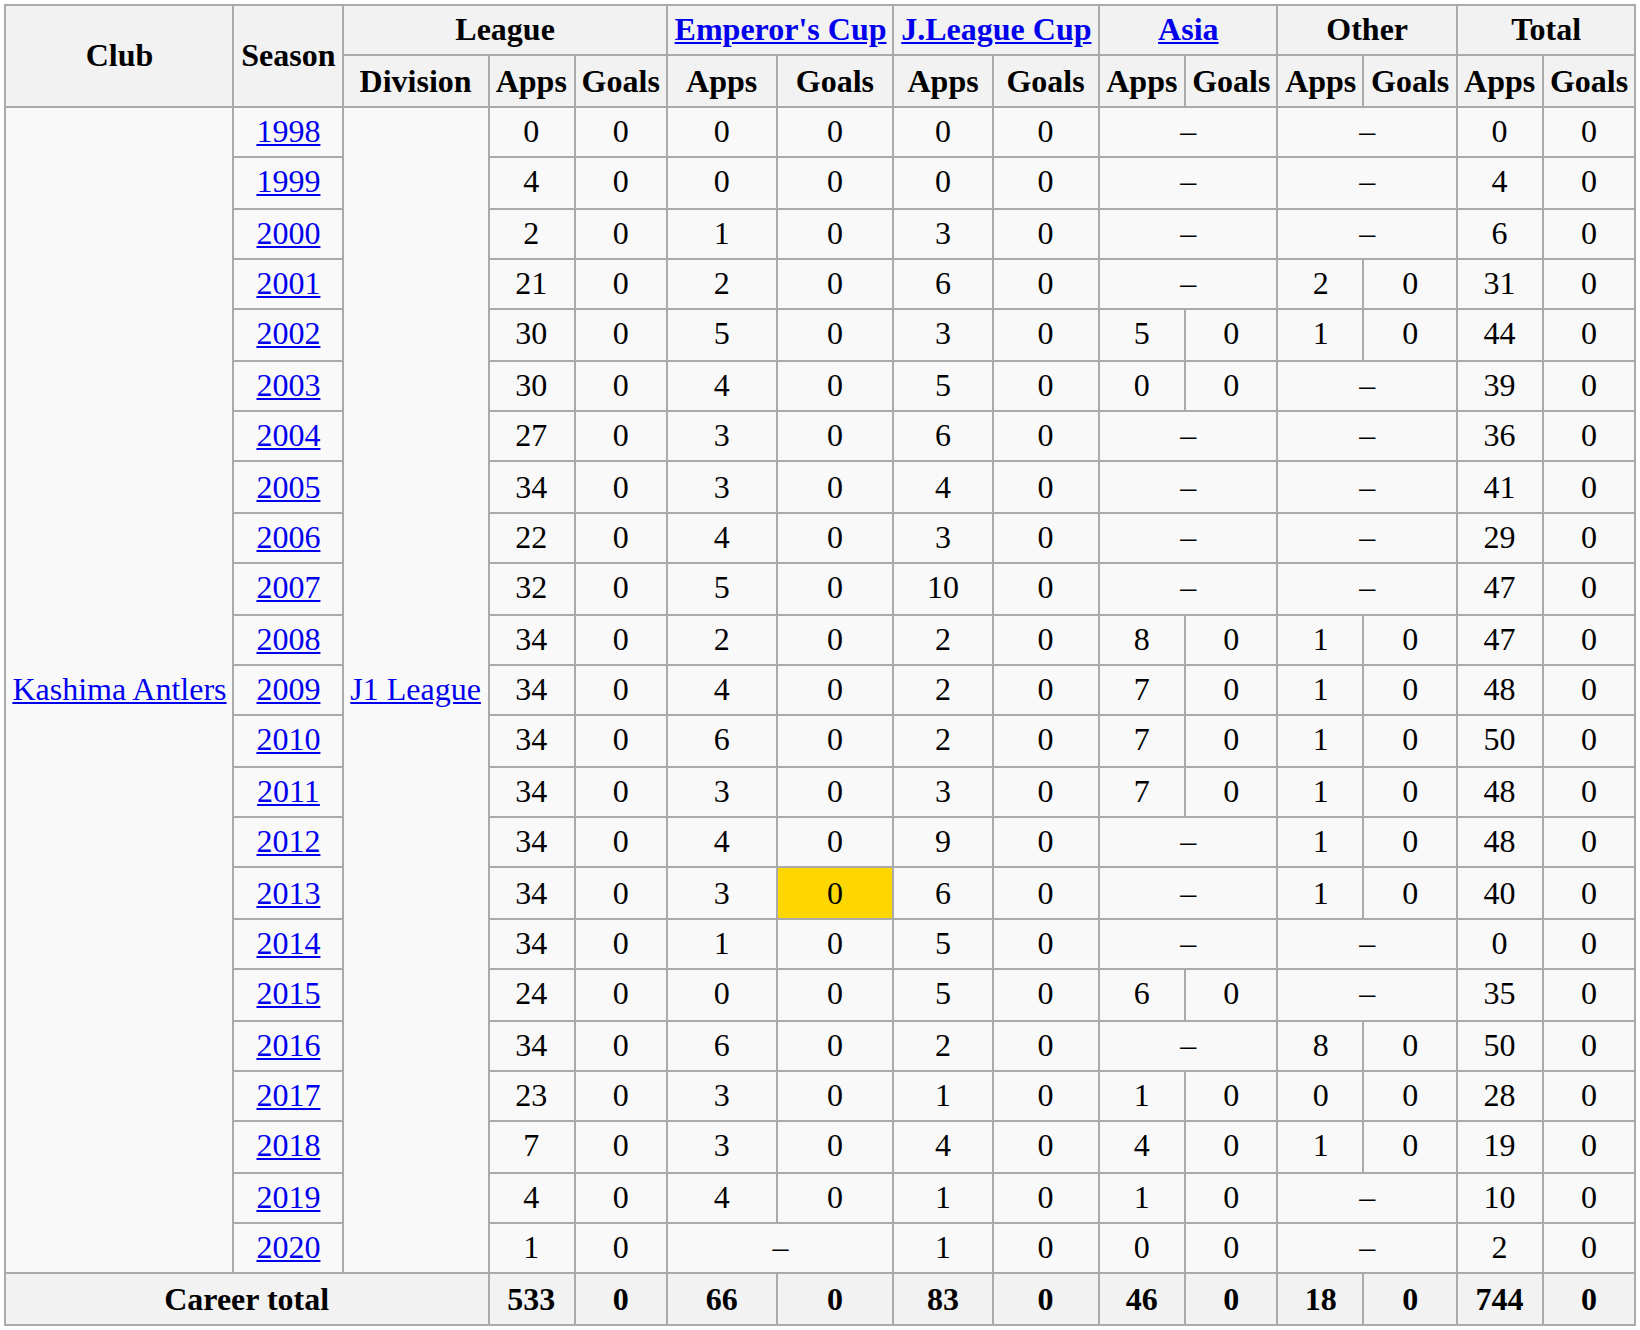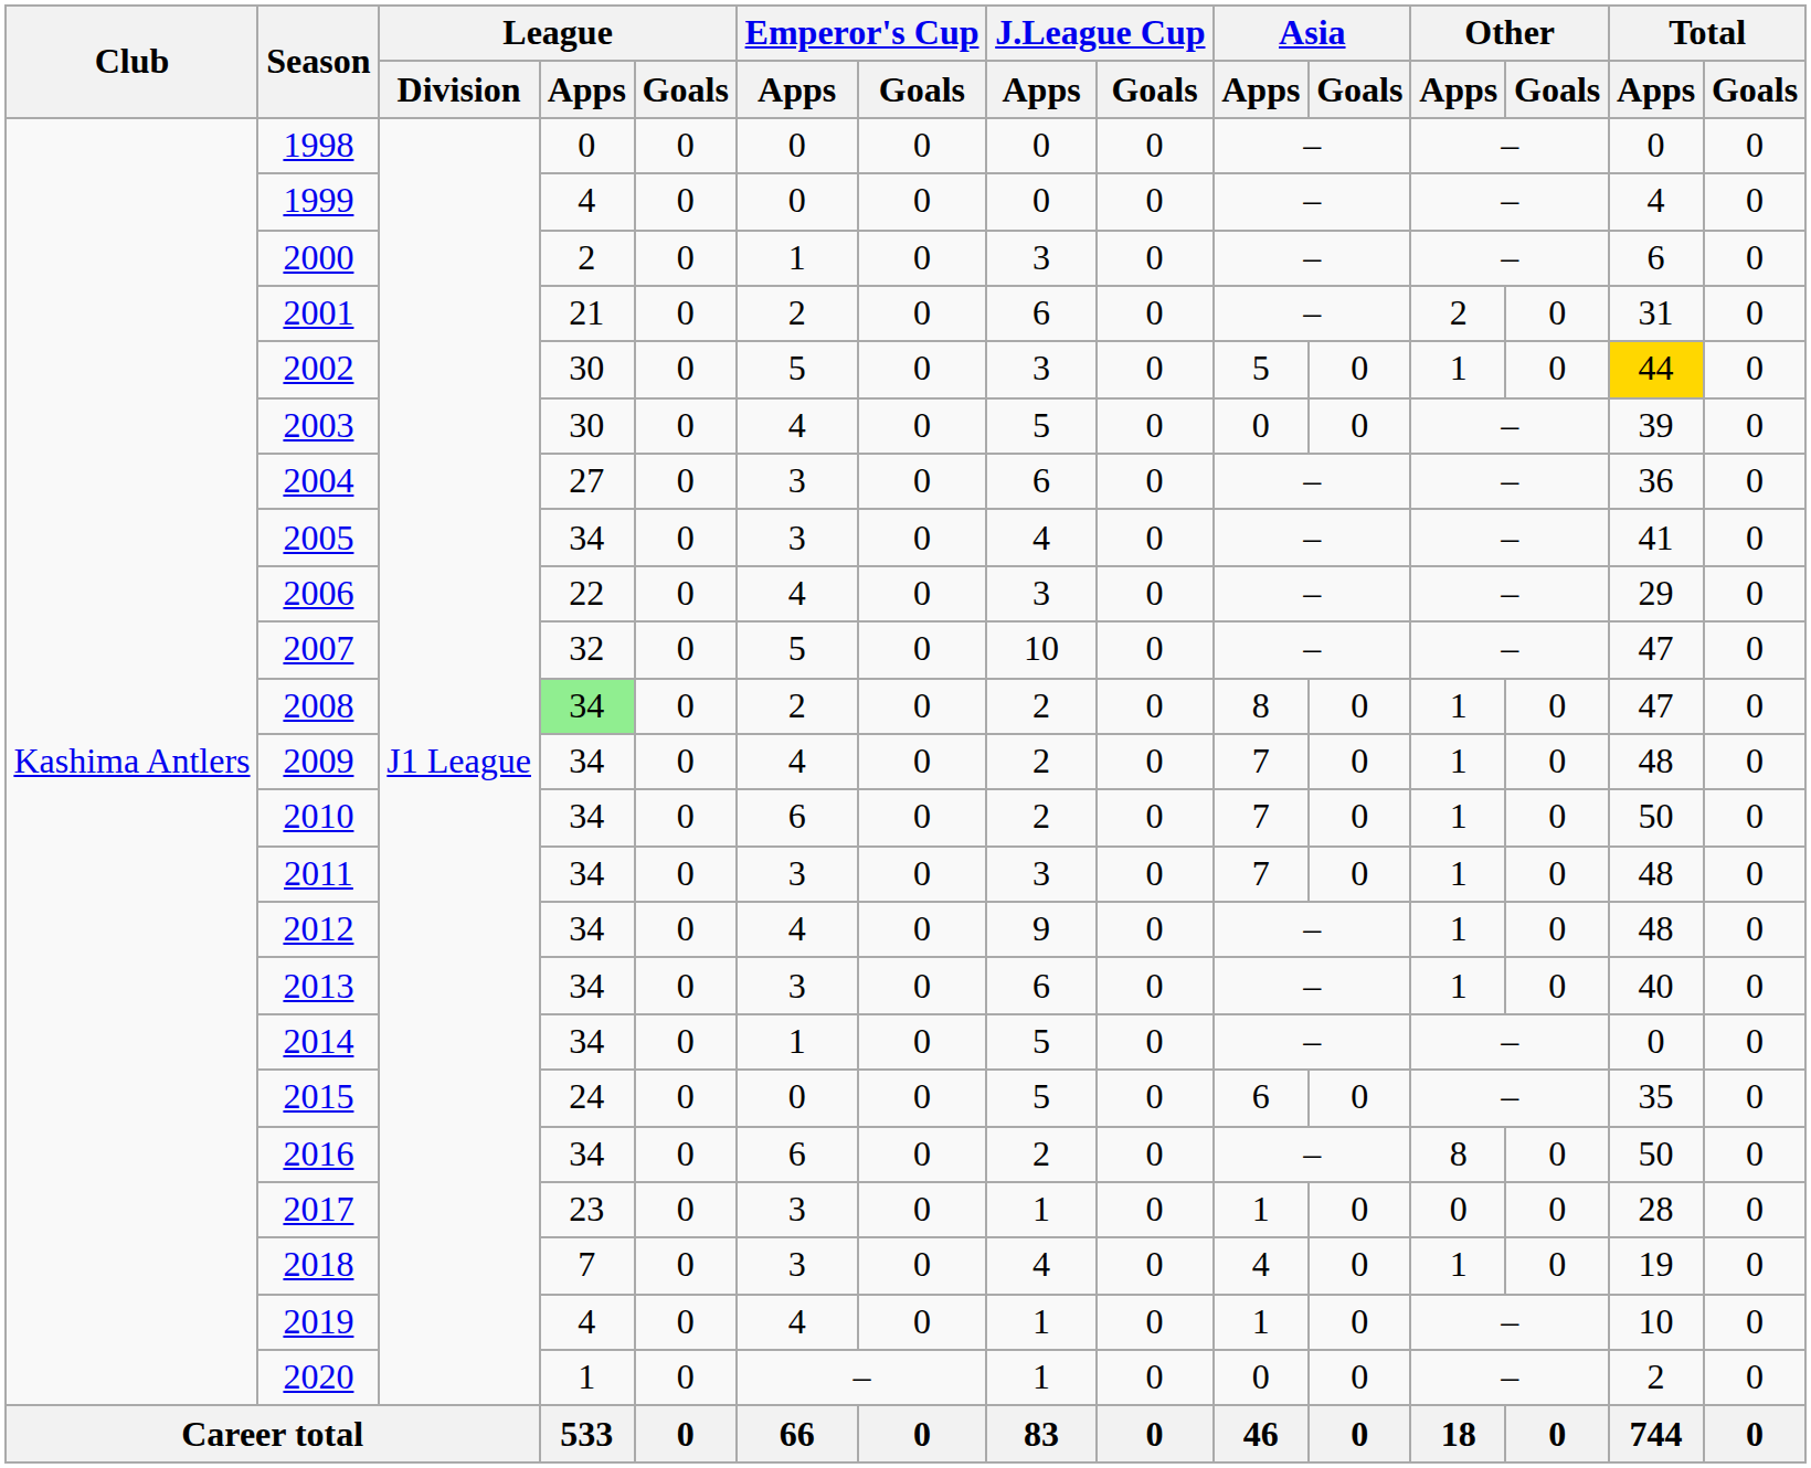 <table class="wikitable" style="text-align:center">
 <tr>
 <th rowspan="2">Club</th>
 <th rowspan="2">Season</th>
 <th colspan="3">League</th>
 <th colspan="2"><a href='#'>Emperor's Cup</a></th>
 <th colspan="2"><a href='#'>J.League Cup</a></th>
 <th colspan="2"><a href='#'>Asia</a></th>
 <th colspan="2">Other</th>
 <th colspan="2">Total</th>
 </tr>
 <tr>
 <th>Division</th>
 <th>Apps</th>
 <th>Goals</th>
 <th>Apps</th>
 <th>Goals</th>
 <th>Apps</th>
 <th>Goals</th>
 <th>Apps</th>
 <th>Goals</th>
 <th>Apps</th>
 <th>Goals</th>
 <th>Apps</th>
 <th>Goals</th>
 </tr>
 <tr>
 <td rowspan="23"><a href='#'>Kashima Antlers</a></td>
 <td><a href='#'>1998</a></td>
 <td rowspan="23"><a href='#'>J1 League</a></td>
 <td>0</td>
 <td>0</td>
 <td>0</td>
 <td>0</td>
 <td>0</td>
 <td>0</td>
 <td colspan="2">–</td>
 <td colspan="2">–</td>
 <td>0</td>
 <td>0</td>
 </tr>
 <tr>
 <td><a href='#'>1999</a></td>
 <td>4</td>
 <td>0</td>
 <td>0</td>
 <td>0</td>
 <td>0</td>
 <td>0</td>
 <td colspan="2">–</td>
 <td colspan="2">–</td>
 <td>4</td>
 <td>0</td>
 </tr>
 <tr>
 <td><a href='#'>2000</a></td>
 <td>2</td>
 <td>0</td>
 <td>1</td>
 <td>0</td>
 <td>3</td>
 <td>0</td>
 <td colspan="2">–</td>
 <td colspan="2">–</td>
 <td>6</td>
 <td>0</td>
 </tr>
 <tr>
 <td><a href='#'>2001</a></td>
 <td>21</td>
 <td>0</td>
 <td>2</td>
 <td>0</td>
 <td>6</td>
 <td>0</td>
 <td colspan="2">–</td>
 <td>2</td>
 <td>0</td>
 <td>31</td>
 <td>0</td>
 </tr>
 <tr>
 <td><a href='#'>2002</a></td>
 <td>30</td>
 <td>0</td>
 <td>5</td>
 <td>0</td>
 <td>3</td>
 <td>0</td>
 <td>5</td>
 <td>0</td>
 <td>1</td>
 <td>0</td>
-<td>44</td>
+<td style="background: gold;">44</td>
 <td>0</td>
 </tr>
 <tr>
 <td><a href='#'>2003</a></td>
 <td>30</td>
 <td>0</td>
 <td>4</td>
 <td>0</td>
 <td>5</td>
 <td>0</td>
 <td>0</td>
 <td>0</td>
 <td colspan="2">–</td>
 <td>39</td>
 <td>0</td>
 </tr>
 <tr>
 <td><a href='#'>2004</a></td>
 <td>27</td>
 <td>0</td>
 <td>3</td>
 <td>0</td>
 <td>6</td>
 <td>0</td>
 <td colspan="2">–</td>
 <td colspan="2">–</td>
 <td>36</td>
 <td>0</td>
 </tr>
 <tr>
 <td><a href='#'>2005</a></td>
 <td>34</td>
 <td>0</td>
 <td>3</td>
 <td>0</td>
 <td>4</td>
 <td>0</td>
 <td colspan="2">–</td>
 <td colspan="2">–</td>
 <td>41</td>
 <td>0</td>
 </tr>
 <tr>
 <td><a href='#'>2006</a></td>
 <td>22</td>
 <td>0</td>
 <td>4</td>
 <td>0</td>
 <td>3</td>
 <td>0</td>
 <td colspan="2">–</td>
 <td colspan="2">–</td>
 <td>29</td>
 <td>0</td>
 </tr>
 <tr>
 <td><a href='#'>2007</a></td>
 <td>32</td>
 <td>0</td>
 <td>5</td>
 <td>0</td>
 <td>10</td>
 <td>0</td>
 <td colspan="2">–</td>
 <td colspan="2">–</td>
 <td>47</td>
 <td>0</td>
 </tr>
 <tr>
 <td><a href='#'>2008</a></td>
-<td>34</td>
+<td style="background: lightgreen;">34</td>
 <td>0</td>
 <td>2</td>
 <td>0</td>
 <td>2</td>
 <td>0</td>
 <td>8</td>
 <td>0</td>
 <td>1</td>
 <td>0</td>
 <td>47</td>
 <td>0</td>
 </tr>
 <tr>
 <td><a href='#'>2009</a></td>
 <td>34</td>
 <td>0</td>
 <td>4</td>
 <td>0</td>
 <td>2</td>
 <td>0</td>
 <td>7</td>
 <td>0</td>
 <td>1</td>
 <td>0</td>
 <td>48</td>
 <td>0</td>
 </tr>
 <tr>
 <td><a href='#'>2010</a></td>
 <td>34</td>
 <td>0</td>
 <td>6</td>
 <td>0</td>
 <td>2</td>
 <td>0</td>
 <td>7</td>
 <td>0</td>
 <td>1</td>
 <td>0</td>
 <td>50</td>
 <td>0</td>
 </tr>
 <tr>
 <td><a href='#'>2011</a></td>
 <td>34</td>
 <td>0</td>
 <td>3</td>
 <td>0</td>
 <td>3</td>
 <td>0</td>
 <td>7</td>
 <td>0</td>
 <td>1</td>
 <td>0</td>
 <td>48</td>
 <td>0</td>
 </tr>
 <tr>
 <td><a href='#'>2012</a></td>
 <td>34</td>
 <td>0</td>
 <td>4</td>
 <td>0</td>
 <td>9</td>
 <td>0</td>
 <td colspan="2">–</td>
 <td>1</td>
 <td>0</td>
 <td>48</td>
 <td>0</td>
 </tr>
 <tr>
 <td><a href='#'>2013</a></td>
 <td>34</td>
 <td>0</td>
 <td>3</td>
-<td style="background: gold;">0</td>
+<td>0</td>
 <td>6</td>
 <td>0</td>
 <td colspan="2">–</td>
 <td>1</td>
 <td>0</td>
 <td>40</td>
 <td>0</td>
 </tr>
 <tr>
 <td><a href='#'>2014</a></td>
 <td>34</td>
 <td>0</td>
 <td>1</td>
 <td>0</td>
 <td>5</td>
 <td>0</td>
 <td colspan="2">–</td>
 <td colspan="2">–</td>
 <td>0</td>
 <td>0</td>
 </tr>
 <tr>
 <td><a href='#'>2015</a></td>
 <td>24</td>
 <td>0</td>
 <td>0</td>
 <td>0</td>
 <td>5</td>
 <td>0</td>
 <td>6</td>
 <td>0</td>
 <td colspan="2">–</td>
 <td>35</td>
 <td>0</td>
 </tr>
 <tr>
 <td><a href='#'>2016</a></td>
 <td>34</td>
 <td>0</td>
 <td>6</td>
 <td>0</td>
 <td>2</td>
 <td>0</td>
 <td colspan="2">–</td>
 <td>8</td>
 <td>0</td>
 <td>50</td>
 <td>0</td>
 </tr>
 <tr>
 <td><a href='#'>2017</a></td>
 <td>23</td>
 <td>0</td>
 <td>3</td>
 <td>0</td>
 <td>1</td>
 <td>0</td>
 <td>1</td>
 <td>0</td>
 <td>0</td>
 <td>0</td>
 <td>28</td>
 <td>0</td>
 </tr>
 <tr>
 <td><a href='#'>2018</a></td>
 <td>7</td>
 <td>0</td>
 <td>3</td>
 <td>0</td>
 <td>4</td>
 <td>0</td>
 <td>4</td>
 <td>0</td>
 <td>1</td>
 <td>0</td>
 <td>19</td>
 <td>0</td>
 </tr>
 <tr>
 <td><a href='#'>2019</a></td>
 <td>4</td>
 <td>0</td>
 <td>4</td>
 <td>0</td>
 <td>1</td>
 <td>0</td>
 <td>1</td>
 <td>0</td>
 <td colspan="2">–</td>
 <td>10</td>
 <td>0</td>
 </tr>
 <tr>
 <td><a href='#'>2020</a></td>
 <td>1</td>
 <td>0</td>
 <td colspan="2">–</td>
 <td>1</td>
 <td>0</td>
 <td>0</td>
 <td>0</td>
 <td colspan="2">–</td>
 <td>2</td>
 <td>0</td>
 </tr>
 <tr>
 <th colspan="3">Career total</th>
 <th>533</th>
 <th>0</th>
 <th>66</th>
 <th>0</th>
 <th>83</th>
 <th>0</th>
 <th>46</th>
 <th>0</th>
 <th>18</th>
 <th>0</th>
 <th>744</th>
 <th>0</th>
 </tr>
 </table>
